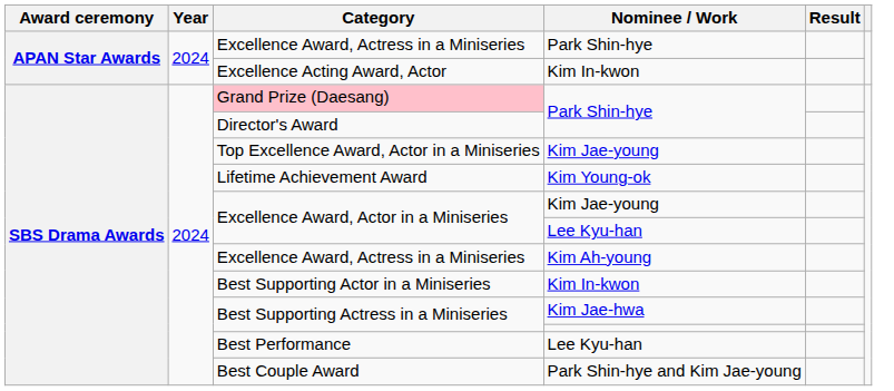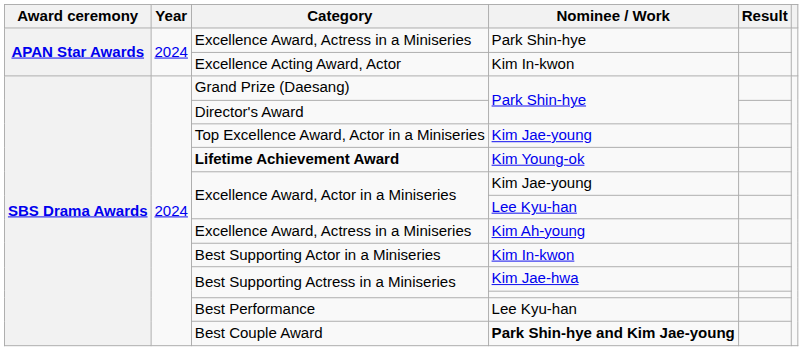 <table class="wikitable plainrowheaders sortable">
 <tr>
 <th scope="col">Award ceremony</th>
 <th scope="col">Year</th>
 <th scope="col">Category</th>
 <th scope="col">Nominee / Work</th>
 <th scope="col">Result</th>
 <th scope="col" class="unsortable"></th>
 </tr>
 <tr>
 <th scope="row" rowspan="2"><a href='#'>APAN Star Awards</a></th>
 <td rowspan="2" style="text-align:center"><a href='#'>2024</a></td>
 <td>Excellence Award, Actress in a Miniseries</td>
 <td>Park Shin-hye</td>
 <td></td>
 <td rowspan="2" style="text-align:center"></td>
 </tr>
 <tr>
 <td>Excellence Acting Award, Actor</td>
 <td>Kim In-kwon</td>
 <td></td>
 </tr>
 <tr>
 <th scope="row" rowspan="12"><a href='#'>SBS Drama Awards</a></th>
 <td rowspan="12" style="text-align:center"><a href='#'>2024</a></td>
-<td style="background: pink;">Grand Prize (Daesang)</td>
+<td>Grand Prize (Daesang)</td>
 <td rowspan="2"><a href='#'>Park Shin-hye</a></td>
 <td></td>
 <td rowspan="12" style="text-align:center"></td>
 </tr>
 <tr>
 <td>Director's Award</td>
 <td></td>
 </tr>
 <tr>
 <td>Top Excellence Award, Actor in a Miniseries</td>
 <td><a href='#'>Kim Jae-young</a></td>
 <td></td>
 </tr>
 <tr>
-<td>Lifetime Achievement Award</td>
+<td><strong>Lifetime Achievement Award</strong></td>
 <td><a href='#'>Kim Young-ok</a></td>
 <td></td>
 </tr>
 <tr>
 <td rowspan="2">Excellence Award, Actor in a Miniseries</td>
 <td>Kim Jae-young</td>
 <td></td>
 </tr>
 <tr>
 <td><a href='#'>Lee Kyu-han</a></td>
 <td></td>
 </tr>
 <tr>
 <td>Excellence Award, Actress in a Miniseries</td>
 <td><a href='#'>Kim Ah-young</a></td>
 <td></td>
 </tr>
 <tr>
 <td>Best Supporting Actor in a Miniseries</td>
 <td><a href='#'>Kim In-kwon</a></td>
 <td></td>
 </tr>
 <tr>
 <td rowspan="2">Best Supporting Actress in a Miniseries</td>
 <td><a href='#'>Kim Jae-hwa</a></td>
 <td></td>
 </tr>
 <tr>
 <td></td>
 <td></td>
 </tr>
 <tr>
 <td>Best Performance</td>
 <td>Lee Kyu-han</td>
 <td></td>
 </tr>
 <tr>
 <td>Best Couple Award</td>
-<td>Park Shin-hye and Kim Jae-young</td>
+<td><strong>Park Shin-hye and Kim Jae-young</strong></td>
 <td></td>
 </tr>
 </table>
